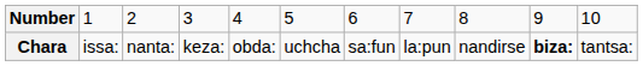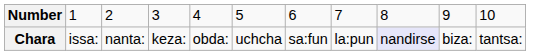 <table class="wikitable">
 <tr>
 <th>Number</th>
 <td>1</td>
 <td>2</td>
 <td>3</td>
 <td>4</td>
 <td>5</td>
 <td>6</td>
 <td>7</td>
 <td>8</td>
 <td>9</td>
 <td>10</td>
 </tr>
 <tr>
 <th>Chara</th>
 <td>issa:</td>
 <td>nanta:</td>
 <td>keza:</td>
 <td>obda:</td>
 <td>uchcha</td>
 <td>sa:fun</td>
 <td>la:pun</td>
-<td>nandirse</td>
-<td><strong>biza:</strong></td>
+<td style="background: lavender;">nandirse</td>
+<td>biza:</td>
 <td>tantsa:</td>
 </tr>
 </table>
